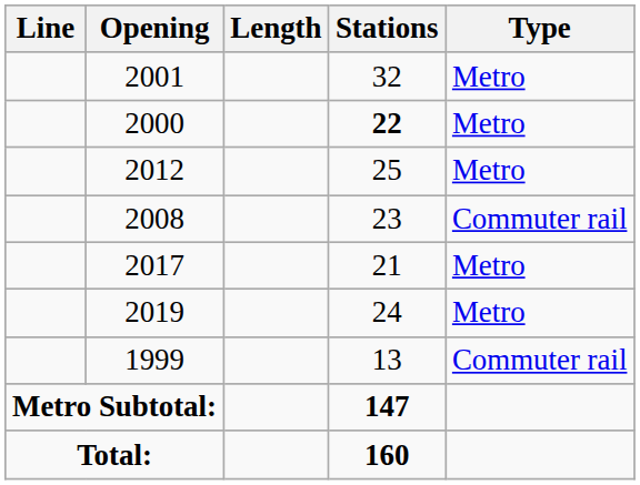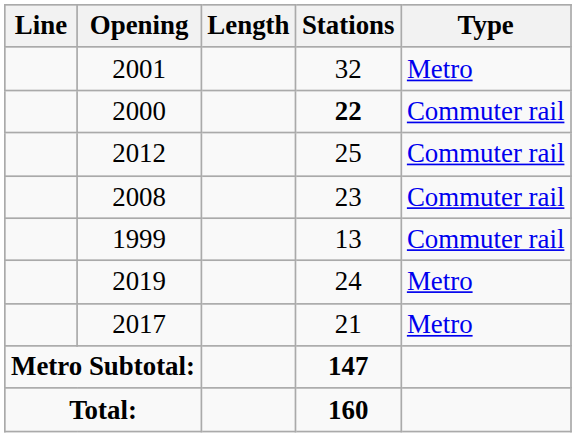 <table class="wikitable">
 <tr>
 <th>Line</th>
 <th>Opening</th>
 <th>Length</th>
 <th>Stations</th>
 <th>Type</th>
 </tr>
 <tr>
 <td style="text-align:center; color:#FFFFFF; background-color:#"><strong><a href='#'></a></strong></td>
 <td style="text-align:center">2001</td>
 <td></td>
 <td style="text-align:center">32</td>
 <td><a href='#'>Metro</a></td>
 </tr>
 <tr>
 <td style="text-align:center; color:#FFFFFF; background-color:#"><strong><a href='#'></a></strong></td>
 <td style="text-align:center">2000</td>
 <td></td>
 <td style="text-align:center"><strong>22</strong></td>
-<td><a href='#'>Metro</a></td>
+<td><a href='#'>Commuter rail</a></td>
 </tr>
 <tr>
 <td style="text-align:center; color:#FFFFFF; background-color:#"><strong><a href='#'></a></strong></td>
 <td style="text-align:center">2012</td>
 <td></td>
 <td style="text-align:center">25</td>
-<td><a href='#'>Metro</a></td>
+<td><a href='#'>Commuter rail</a></td>
 </tr>
 <tr>
 <td style="text-align:center; color:#FFFFFF; background-color:#"><strong><a href='#'></a></strong></td>
 <td style="text-align:center">2008</td>
 <td></td>
 <td style="text-align:center">23</td>
 <td><a href='#'>Commuter rail</a></td>
 </tr>
 <tr>
 <td style="text-align:center; color:#FFFFFF; background-color:#"><strong><a href='#'></a></strong></td>
-<td style="text-align:center">2017</td>
+<td style="text-align:center">1999</td>
 <td></td>
-<td style="text-align:center">21</td>
-<td><a href='#'>Metro</a></td>
+<td style="text-align:center">13</td>
+<td><a href='#'>Commuter rail</a></td>
 </tr>
 <tr>
 <td style="text-align:center; color:#FFFFFF; background-color:#"><strong><a href='#'></a></strong></td>
 <td style="text-align:center">2019</td>
 <td></td>
 <td style="text-align:center">24</td>
 <td><a href='#'>Metro</a></td>
 </tr>
 <tr>
 <td style="text-align:center; color:#FFFFFF; background-color:#"><strong><a href='#'></a></strong></td>
-<td style="text-align:center">1999</td>
+<td style="text-align:center">2017</td>
 <td></td>
-<td style="text-align:center">13</td>
-<td><a href='#'>Commuter rail</a></td>
+<td style="text-align:center">21</td>
+<td><a href='#'>Metro</a></td>
 </tr>
 <tr>
 <td colspan=2 style="text-align:center"><strong>Metro Subtotal:</strong></td>
 <td><strong></strong></td>
 <td style="text-align:center"><strong>147</strong></td>
 <td></td>
 </tr>
 <tr>
 <td colspan=2 style="text-align:center"><strong>Total:</strong></td>
 <td><strong></strong></td>
 <td style="text-align:center"><strong>160</strong></td>
 </tr>
 </table>
